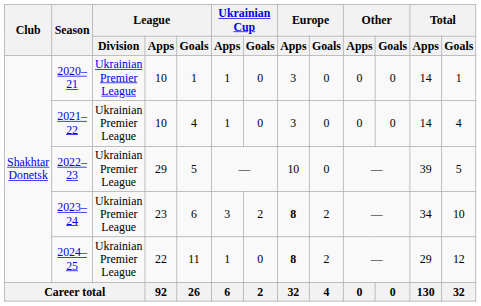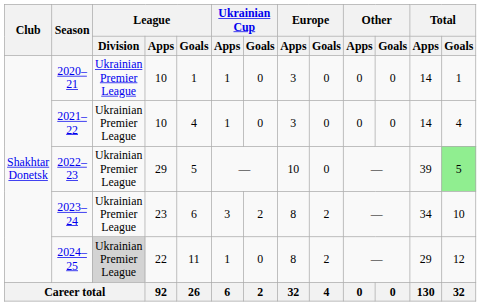 <table class="wikitable" style="text-align:center">
 <tr>
 <th rowspan="2">Club</th>
 <th rowspan="2">Season</th>
 <th colspan="3">League</th>
 <th colspan="2"><a href='#'>Ukrainian Cup</a></th>
 <th colspan="2">Europe</th>
 <th colspan="2">Other</th>
 <th colspan="2">Total</th>
 </tr>
 <tr>
 <th>Division</th>
 <th>Apps</th>
 <th>Goals</th>
 <th>Apps</th>
 <th>Goals</th>
 <th>Apps</th>
 <th>Goals</th>
 <th>Apps</th>
 <th>Goals</th>
 <th>Apps</th>
 <th>Goals</th>
 </tr>
 <tr>
 <td rowspan="5"><a href='#'>Shakhtar Donetsk</a></td>
 <td><a href='#'>2020–21</a></td>
 <td><a href='#'>Ukrainian Premier League</a></td>
 <td>10</td>
 <td>1</td>
 <td>1</td>
 <td>0</td>
 <td>3</td>
 <td>0</td>
 <td>0</td>
 <td>0</td>
 <td>14</td>
 <td>1</td>
 </tr>
 <tr>
 <td><a href='#'>2021–22</a></td>
 <td>Ukrainian Premier League</td>
 <td>10</td>
 <td>4</td>
 <td>1</td>
 <td>0</td>
 <td>3</td>
 <td>0</td>
 <td>0</td>
 <td>0</td>
 <td>14</td>
 <td>4</td>
 </tr>
 <tr>
 <td><a href='#'>2022–23</a></td>
 <td>Ukrainian Premier League</td>
 <td>29</td>
 <td>5</td>
 <td colspan="2">—</td>
 <td>10</td>
 <td>0</td>
 <td colspan="2">—</td>
 <td>39</td>
-<td>5</td>
+<td style="background: lightgreen;">5</td>
 </tr>
 <tr>
 <td><a href='#'>2023–24</a></td>
 <td>Ukrainian Premier League</td>
 <td>23</td>
 <td>6</td>
 <td>3</td>
 <td>2</td>
-<td><strong>8</strong></td>
+<td>8</td>
 <td>2</td>
 <td colspan="2">—</td>
 <td>34</td>
 <td>10</td>
 </tr>
 <tr>
 <td><a href='#'>2024–25</a></td>
-<td>Ukrainian Premier League</td>
+<td style="background: lightgrey;">Ukrainian Premier League</td>
 <td>22</td>
 <td>11</td>
 <td>1</td>
 <td>0</td>
-<td><strong>8</strong></td>
+<td>8</td>
 <td>2</td>
 <td colspan="2">—</td>
 <td>29</td>
 <td>12</td>
 </tr>
 <tr>
 <th colspan="3">Career total</th>
 <th>92</th>
 <th>26</th>
 <th>6</th>
 <th>2</th>
 <th>32</th>
 <th>4</th>
 <th>0</th>
 <th>0</th>
 <th>130</th>
 <th>32</th>
 </tr>
 </table>
